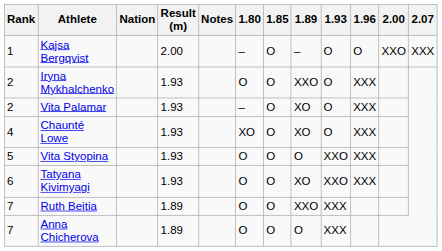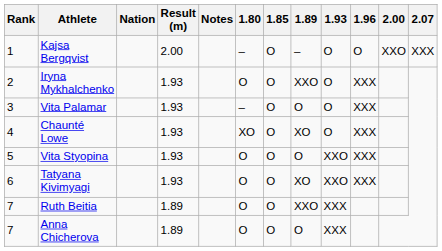 <table class="wikitable" style="text=align:center;" width=85%>
 <tr>
 <th>Rank</th>
 <th>Athlete</th>
 <th>Nation</th>
 <th>Result (m)</th>
 <th>Notes</th>
 <th>1.80</th>
 <th>1.85</th>
 <th>1.89</th>
 <th>1.93</th>
 <th>1.96</th>
 <th>2.00</th>
 <th>2.07</th>
 </tr>
 <tr>
 <td>1</td>
 <td><a href='#'>Kajsa Bergqvist</a></td>
 <td></td>
 <td>2.00</td>
 <td></td>
 <td>–</td>
 <td>O</td>
 <td>–</td>
 <td>O</td>
 <td>O</td>
 <td>XXO</td>
 <td>XXX</td>
 </tr>
 <tr>
 <td>2</td>
 <td><a href='#'>Iryna Mykhalchenko</a></td>
 <td></td>
 <td>1.93</td>
 <td></td>
 <td>O</td>
 <td>O</td>
 <td>XXO</td>
 <td>O</td>
 <td>XXX</td>
 <td></td>
 </tr>
 <tr>
-<td>2</td>
+<td>3</td>
 <td><a href='#'>Vita Palamar</a></td>
 <td></td>
 <td>1.93</td>
 <td></td>
 <td>–</td>
 <td>O</td>
-<td>XO</td>
+<td>O</td>
 <td>O</td>
 <td>XXX</td>
 <td></td>
 </tr>
 <tr>
 <td>4</td>
 <td><a href='#'>Chaunté Lowe</a></td>
 <td></td>
 <td>1.93</td>
 <td></td>
 <td>XO</td>
 <td>O</td>
 <td>XO</td>
 <td>O</td>
 <td>XXX</td>
 <td></td>
 </tr>
 <tr>
 <td>5</td>
 <td><a href='#'>Vita Styopina</a></td>
 <td></td>
 <td>1.93</td>
 <td></td>
 <td>O</td>
 <td>O</td>
 <td>O</td>
 <td>XXO</td>
 <td>XXX</td>
 <td></td>
 </tr>
 <tr>
 <td>6</td>
 <td><a href='#'>Tatyana Kivimyagi</a></td>
 <td></td>
 <td>1.93</td>
 <td></td>
 <td>O</td>
 <td>O</td>
 <td>XO</td>
 <td>XXO</td>
 <td>XXX</td>
 <td></td>
 </tr>
 <tr>
 <td>7</td>
 <td><a href='#'>Ruth Beitia</a></td>
 <td></td>
 <td>1.89</td>
 <td></td>
 <td>O</td>
 <td>O</td>
 <td>XXO</td>
 <td>XXX</td>
 <td></td>
 <td></td>
 </tr>
 <tr>
 <td>7</td>
 <td><a href='#'>Anna Chicherova</a></td>
 <td></td>
 <td>1.89</td>
 <td></td>
 <td>O</td>
 <td>O</td>
 <td>O</td>
 <td>XXX</td>
 <td></td>
 </tr>
 </table>
